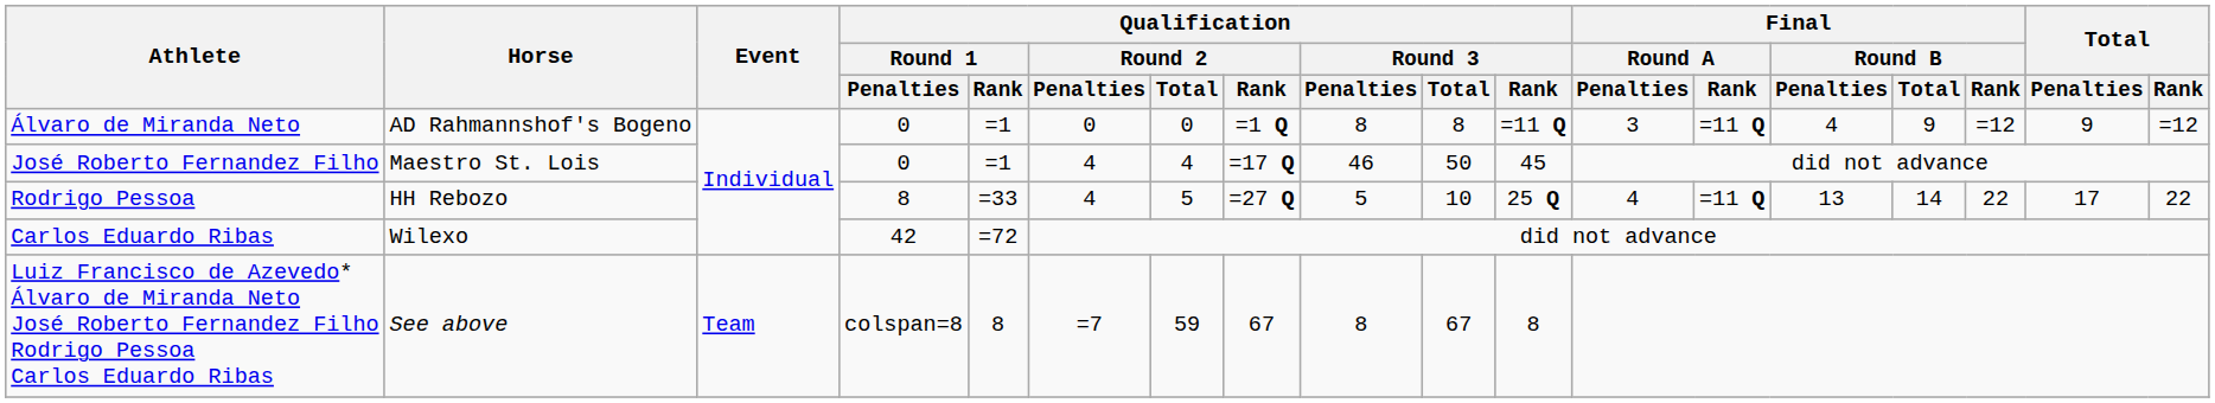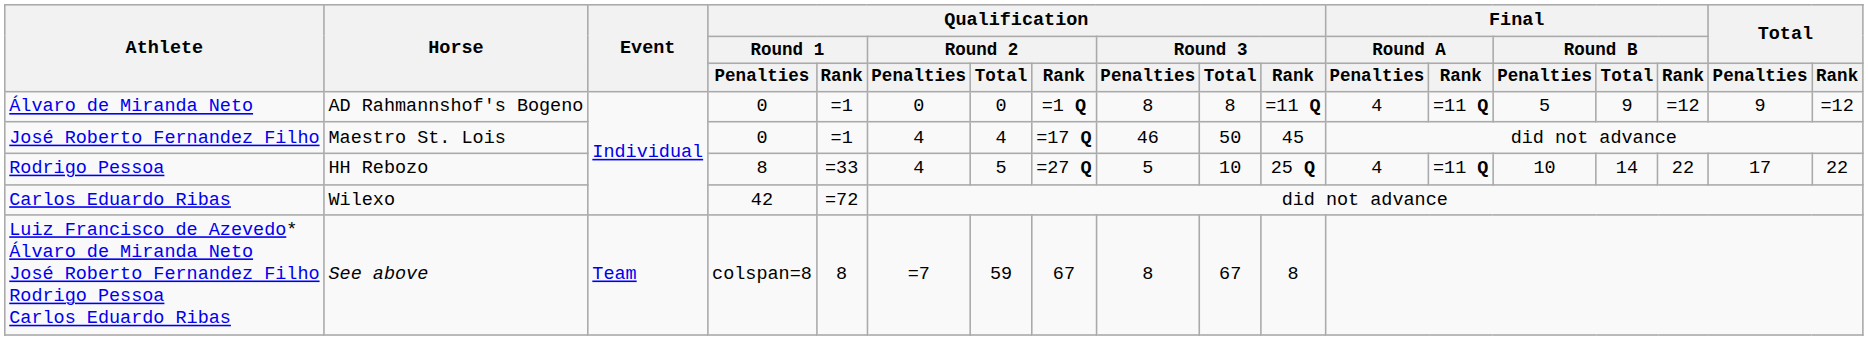 <table class="wikitable" style="font-size:90%">
 <tr>
 <th rowspan="3">Athlete</th>
 <th rowspan="3">Horse</th>
 <th rowspan="3">Event</th>
 <th colspan="8">Qualification</th>
 <th colspan="5">Final</th>
 <th rowspan=2 colspan="2">Total</th>
 </tr>
 <tr style="font-size:95%">
 <th colspan="2">Round 1</th>
 <th colspan="3">Round 2</th>
 <th colspan="3">Round 3</th>
 <th colspan="2">Round A</th>
 <th colspan="3">Round B</th>
 </tr>
 <tr style="font-size:95%">
 <th>Penalties</th>
 <th>Rank</th>
 <th>Penalties</th>
 <th>Total</th>
 <th>Rank</th>
 <th>Penalties</th>
 <th>Total</th>
 <th>Rank</th>
 <th>Penalties</th>
 <th>Rank</th>
 <th>Penalties</th>
 <th>Total</th>
 <th>Rank</th>
 <th>Penalties</th>
 <th>Rank</th>
 </tr>
 <tr align=center>
 <td align=left><a href='#'>Álvaro de Miranda Neto</a></td>
 <td align=left>AD Rahmannshof's Bogeno</td>
 <td align=left rowspan=4><a href='#'>Individual</a></td>
 <td>0</td>
 <td>=1</td>
 <td>0</td>
 <td>0</td>
 <td>=1 <strong>Q</strong></td>
 <td>8</td>
 <td>8</td>
 <td>=11 <strong>Q</strong></td>
-<td>3</td>
+<td>4</td>
 <td>=11 <strong>Q</strong></td>
-<td>4</td>
+<td>5</td>
 <td>9</td>
 <td>=12</td>
 <td>9</td>
 <td>=12</td>
 </tr>
 <tr align=center>
 <td align=left><a href='#'>José Roberto Fernandez Filho</a></td>
 <td align=left>Maestro St. Lois</td>
 <td>0</td>
 <td>=1</td>
 <td>4</td>
 <td>4</td>
 <td>=17 <strong>Q</strong></td>
 <td>46</td>
 <td>50</td>
 <td>45</td>
 <td colspan="7">did not advance</td>
 </tr>
 <tr align=center>
 <td align=left><a href='#'>Rodrigo Pessoa</a></td>
 <td align=left>HH Rebozo</td>
 <td>8</td>
 <td>=33</td>
 <td>4</td>
 <td>5</td>
 <td>=27 <strong>Q</strong></td>
 <td>5</td>
 <td>10</td>
 <td>25 <strong>Q</strong></td>
 <td>4</td>
 <td>=11 <strong>Q</strong></td>
-<td>13</td>
+<td>10</td>
 <td>14</td>
 <td>22</td>
 <td>17</td>
 <td>22</td>
 </tr>
 <tr align=center>
 <td align=left><a href='#'>Carlos Eduardo Ribas</a></td>
 <td align=left>Wilexo</td>
 <td>42</td>
 <td>=72</td>
 <td colspan="13">did not advance</td>
 </tr>
 <tr align=center>
 <td align=left><a href='#'>Luiz Francisco de Azevedo</a>*<br><a href='#'>Álvaro de Miranda Neto</a><br><a href='#'>José Roberto Fernandez Filho</a><br><a href='#'>Rodrigo Pessoa</a><br><a href='#'>Carlos Eduardo Ribas</a></td>
 <td align=left><em>See above</em></td>
 <td align=left><a href='#'>Team</a></td>
 <td>colspan=8 </td>
 <td>8</td>
 <td>=7</td>
 <td>59</td>
 <td>67</td>
 <td>8</td>
 <td>67</td>
 <td>8</td>
 </tr>
 </table>
